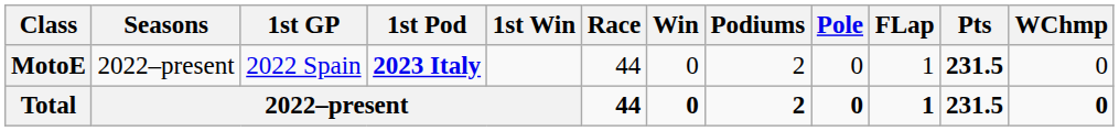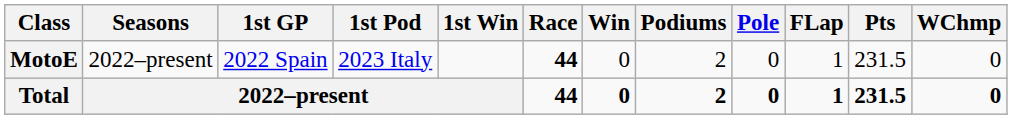 <table class="wikitable" style=text-align:right>
 <tr>
 <th>Class</th>
 <th>Seasons</th>
 <th>1st GP</th>
 <th>1st Pod</th>
 <th>1st Win</th>
 <th>Race</th>
 <th>Win</th>
 <th>Podiums</th>
 <th><a href='#'>Pole</a></th>
 <th>FLap</th>
 <th>Pts</th>
 <th>WChmp</th>
 </tr>
 <tr>
 <th>MotoE</th>
 <td>2022–present</td>
 <td align="center"><a href='#'>2022 Spain</a></td>
-<td align="center"><strong><a href='#'>2023 Italy</a></strong></td>
+<td align="center"><a href='#'>2023 Italy</a></td>
 <td align="center"></td>
-<td>44</td>
+<td><strong>44</strong></td>
 <td>0</td>
 <td>2</td>
 <td>0</td>
 <td>1</td>
-<td><strong>231.5</strong></td>
+<td>231.5</td>
 <td>0</td>
 </tr>
 <tr>
 <th>Total</th>
 <th colspan=4>2022–present</th>
 <td><strong>44</strong></td>
 <td><strong>0</strong></td>
 <td><strong>2</strong></td>
 <td><strong>0</strong></td>
 <td><strong>1</strong></td>
 <td><strong>231.5</strong></td>
 <td><strong>0</strong></td>
 </tr>
 </table>
